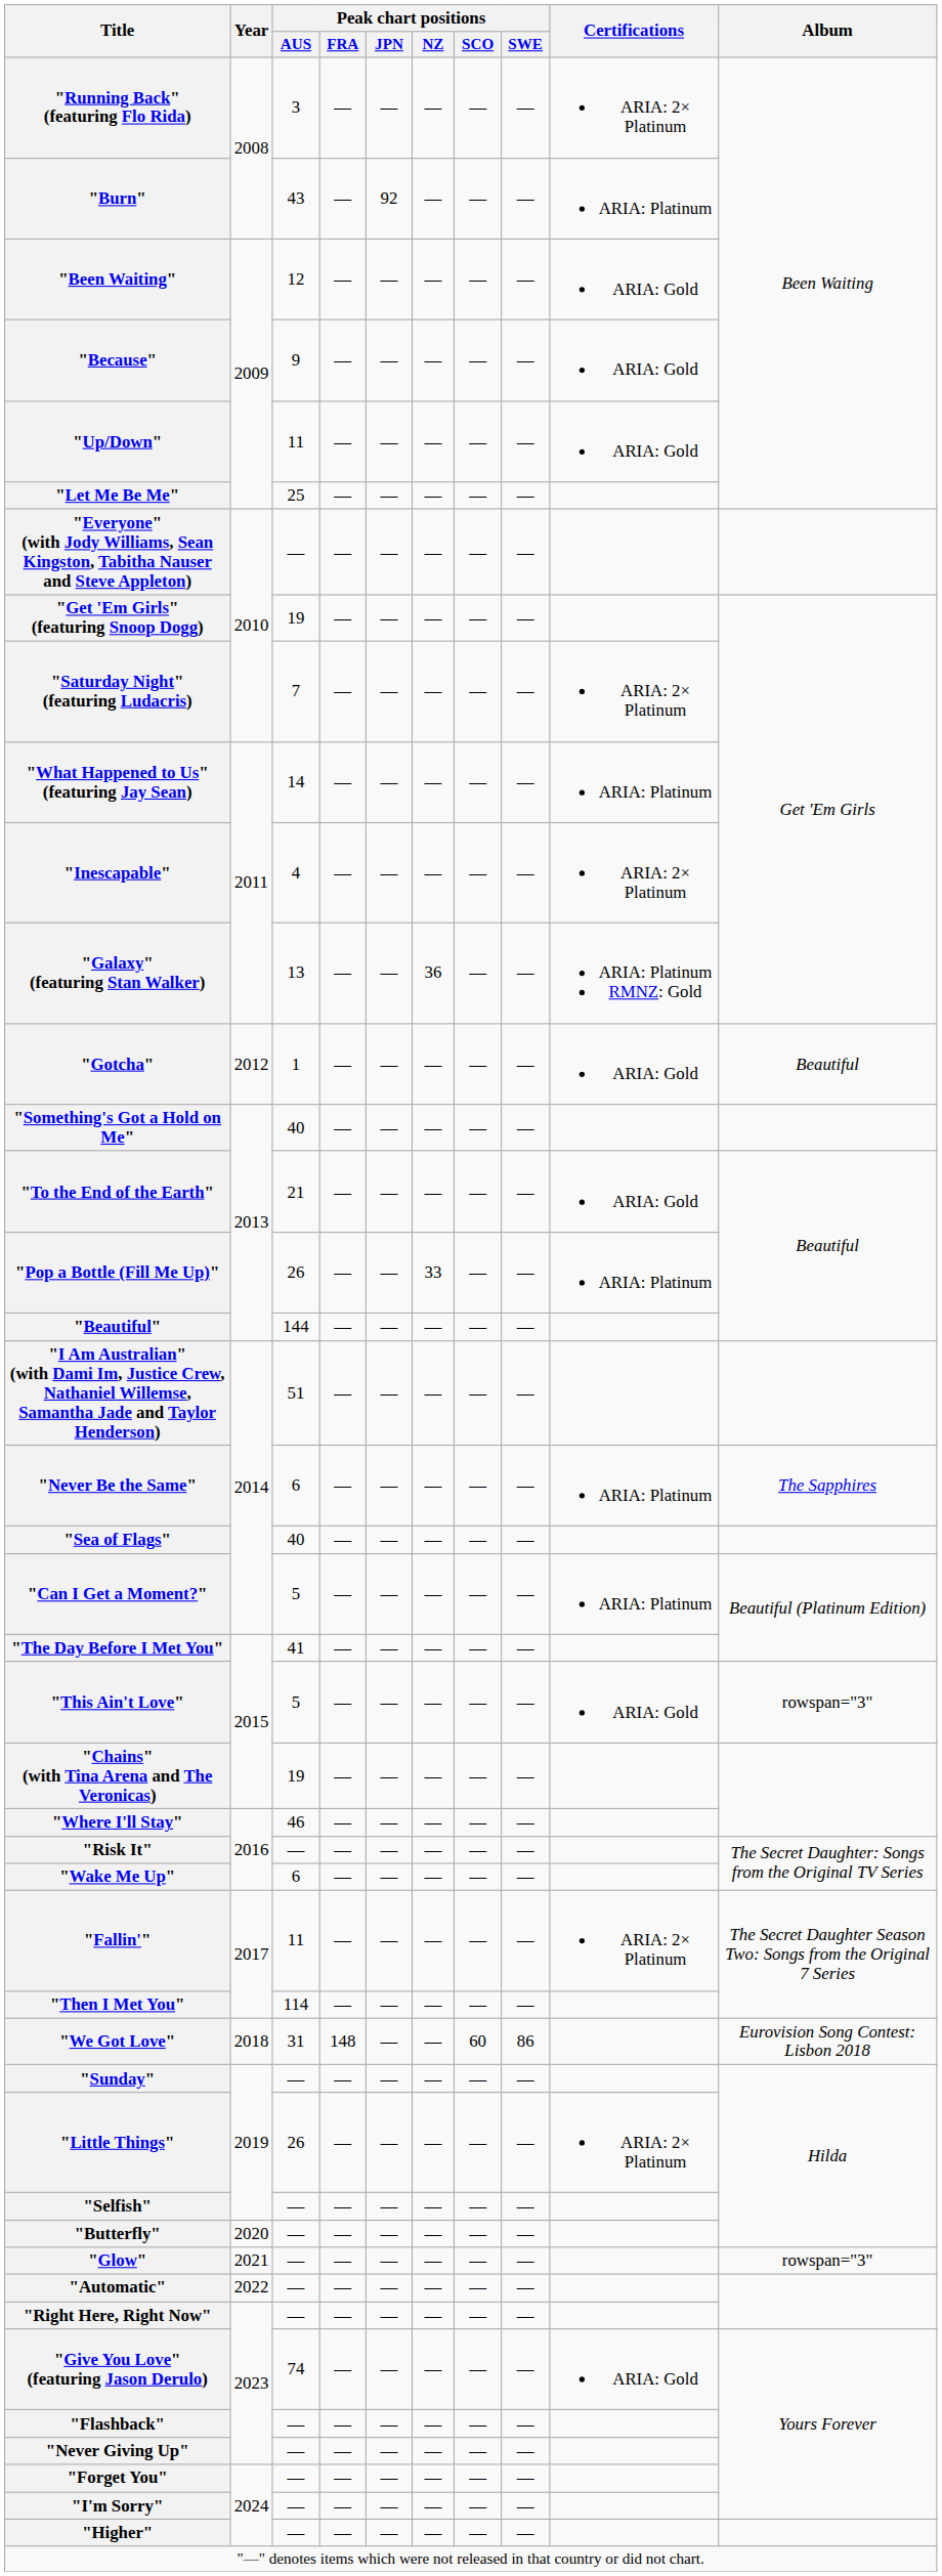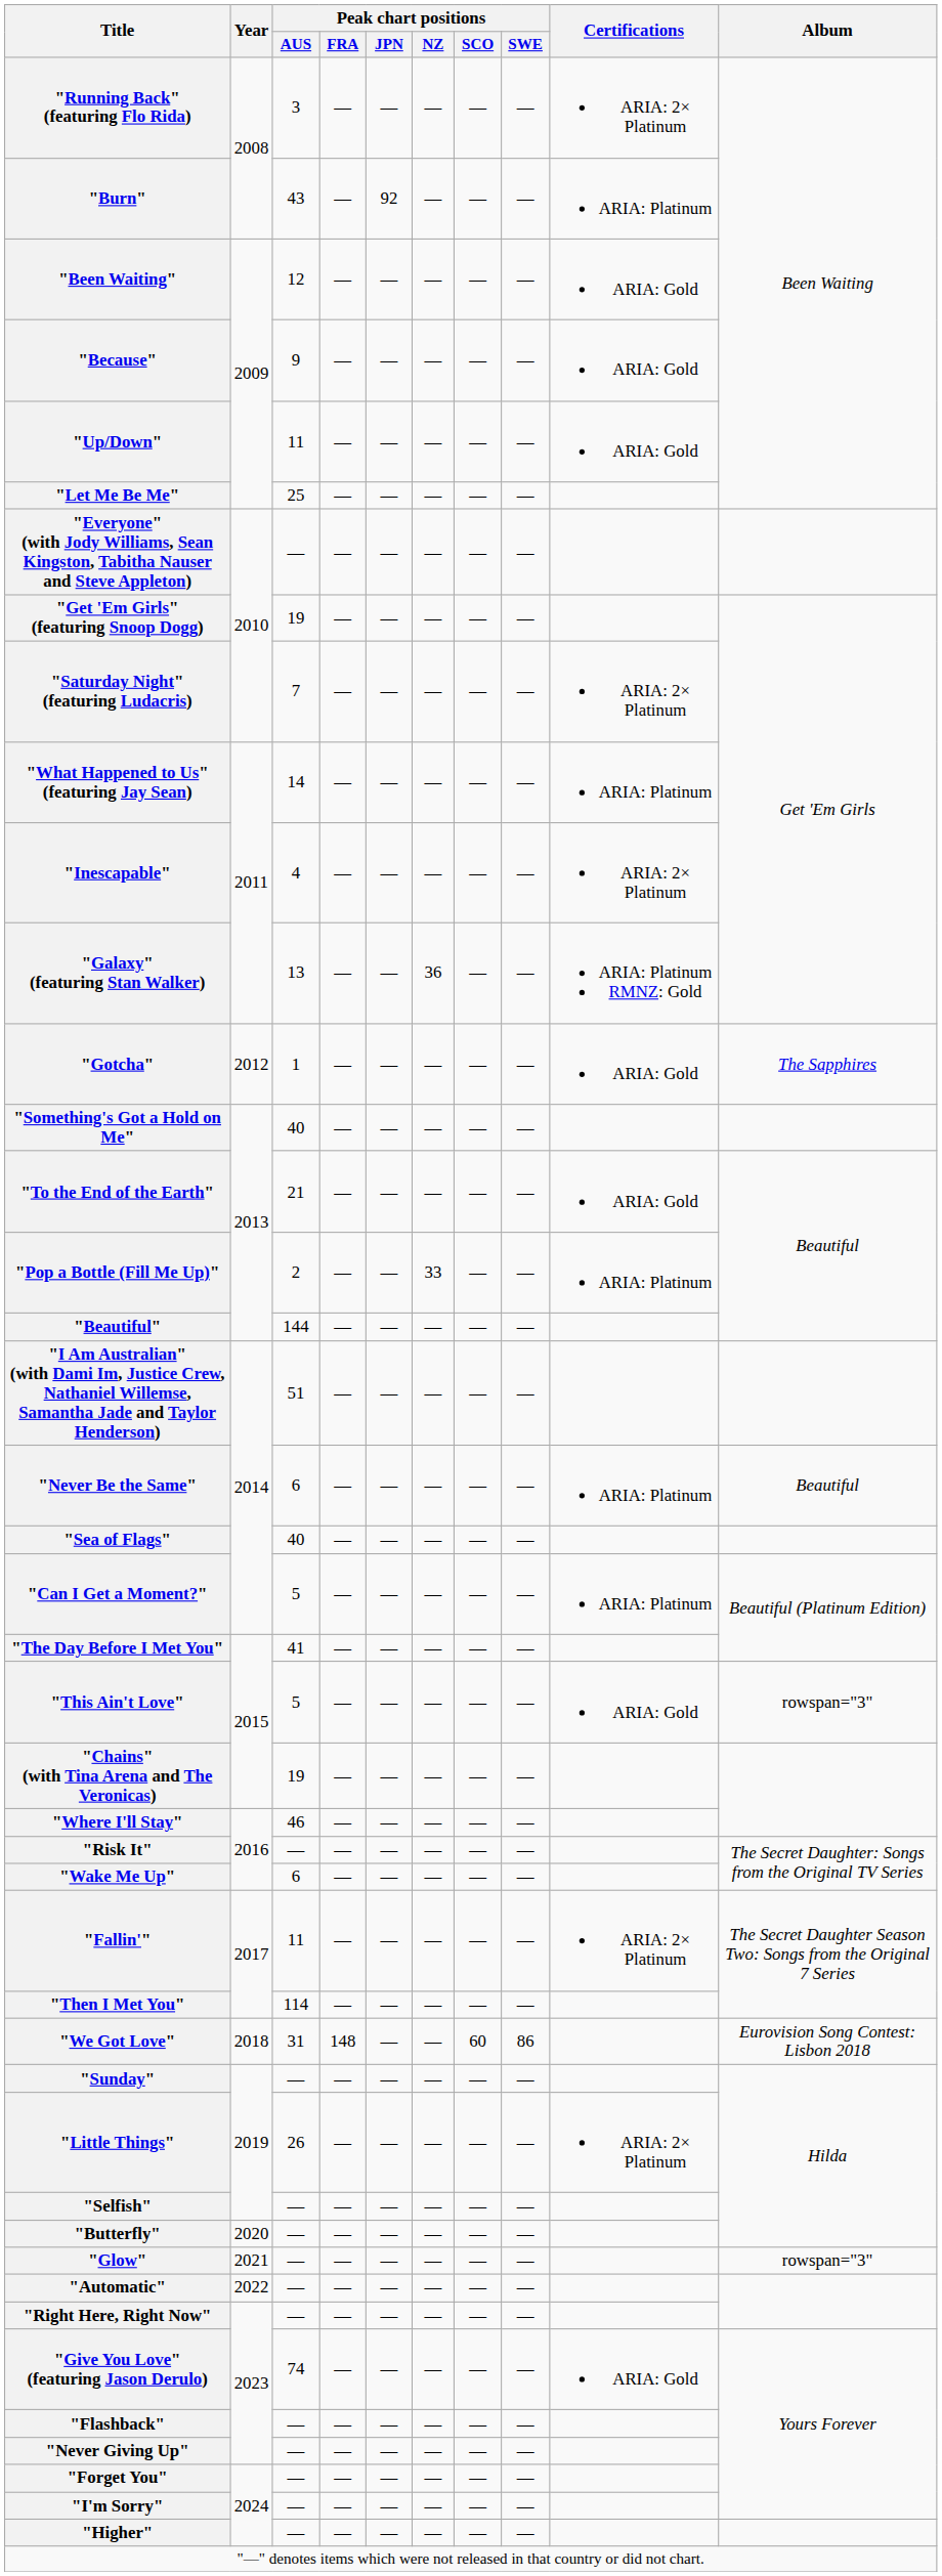 <table class="wikitable plainrowheaders" style="text-align:center;">
 <tr>
 <th scope="col" rowspan="2" style="width:18em;">Title</th>
 <th scope="col" rowspan="2" style="width:1em;">Year</th>
 <th scope="col" colspan="6">Peak chart positions</th>
 <th scope="col" rowspan="2" style="width:12em;"><a href='#'>Certifications</a></th>
 <th scope="col" rowspan="2" style="width:18em;">Album</th>
 </tr>
 <tr>
 <th scope="col" style="width:3em;font-size:90%;"><a href='#'>AUS</a><br></th>
 <th scope="col" style="width:3em;font-size:90%;"><a href='#'>FRA</a><br></th>
 <th scope="col" style="width:3em;font-size:90%;"><a href='#'>JPN</a><br></th>
 <th scope="col" style="width:3em;font-size:90%;"><a href='#'>NZ</a><br></th>
 <th scope="col" style="width:3em;font-size:90%;"><a href='#'>SCO</a><br></th>
 <th scope="col" style="width:3em;font-size:90%;"><a href='#'>SWE</a><br></th>
 </tr>
 <tr>
 <th scope="row">"<a href='#'>Running Back</a>"<br><span>(featuring <a href='#'>Flo Rida</a>)</span></th>
 <td rowspan="2">2008</td>
 <td>3</td>
 <td>—</td>
 <td>—</td>
 <td>—</td>
 <td>—</td>
 <td>—</td>
 <td><br><ul><li>ARIA: 2× Platinum</li></ul></td>
 <td rowspan="6"><em>Been Waiting</em></td>
 </tr>
 <tr>
 <th scope="row">"<a href='#'>Burn</a>"</th>
 <td>43</td>
 <td>—</td>
 <td>92</td>
 <td>—</td>
 <td>—</td>
 <td>—</td>
 <td><br><ul><li>ARIA: Platinum</li></ul></td>
 </tr>
 <tr>
 <th scope="row">"<a href='#'>Been Waiting</a>"</th>
 <td rowspan="4">2009</td>
 <td>12</td>
 <td>—</td>
 <td>—</td>
 <td>—</td>
 <td>—</td>
 <td>—</td>
 <td><br><ul><li>ARIA: Gold</li></ul></td>
 </tr>
 <tr>
 <th scope="row">"<a href='#'>Because</a>"</th>
 <td>9</td>
 <td>—</td>
 <td>—</td>
 <td>—</td>
 <td>—</td>
 <td>—</td>
 <td><br><ul><li>ARIA: Gold</li></ul></td>
 </tr>
 <tr>
 <th scope="row">"<a href='#'>Up/Down</a>"</th>
 <td>11</td>
 <td>—</td>
 <td>—</td>
 <td>—</td>
 <td>—</td>
 <td>—</td>
 <td><br><ul><li>ARIA: Gold</li></ul></td>
 </tr>
 <tr>
 <th scope="row">"<a href='#'>Let Me Be Me</a>"</th>
 <td>25</td>
 <td>—</td>
 <td>—</td>
 <td>—</td>
 <td>—</td>
 <td>—</td>
 <td></td>
 </tr>
 <tr>
 <th scope="row">"<a href='#'>Everyone</a>"<br><span>(with <a href='#'>Jody Williams</a>, <a href='#'>Sean Kingston</a>, <a href='#'>Tabitha Nauser</a> and <a href='#'>Steve Appleton</a>)</span></th>
 <td rowspan="3">2010</td>
 <td>—</td>
 <td>—</td>
 <td>—</td>
 <td>—</td>
 <td>—</td>
 <td>—</td>
 <td></td>
 <td></td>
 </tr>
 <tr>
 <th scope="row">"<a href='#'>Get 'Em Girls</a>"<br><span>(featuring <a href='#'>Snoop Dogg</a>)</span></th>
 <td>19</td>
 <td>—</td>
 <td>—</td>
 <td>—</td>
 <td>—</td>
 <td>—</td>
 <td></td>
 <td rowspan="5"><em>Get 'Em Girls</em></td>
 </tr>
 <tr>
 <th scope="row">"<a href='#'>Saturday Night</a>"<br><span>(featuring <a href='#'>Ludacris</a>)</span></th>
 <td>7</td>
 <td>—</td>
 <td>—</td>
 <td>—</td>
 <td>—</td>
 <td>—</td>
 <td><br><ul><li>ARIA: 2× Platinum</li></ul></td>
 </tr>
 <tr>
 <th scope="row">"<a href='#'>What Happened to Us</a>"<br><span>(featuring <a href='#'>Jay Sean</a>)</span></th>
 <td rowspan="3">2011</td>
 <td>14</td>
 <td>—</td>
 <td>—</td>
 <td>—</td>
 <td>—</td>
 <td>—</td>
 <td><br><ul><li>ARIA: Platinum</li></ul></td>
 </tr>
 <tr>
 <th scope="row">"<a href='#'>Inescapable</a>"</th>
 <td>4</td>
 <td>—</td>
 <td>—</td>
 <td>—</td>
 <td>—</td>
 <td>—</td>
 <td><br><ul><li>ARIA: 2× Platinum</li></ul></td>
 </tr>
 <tr>
 <th scope="row">"<a href='#'>Galaxy</a>"<br><span>(featuring <a href='#'>Stan Walker</a>)</span></th>
 <td>13</td>
 <td>—</td>
 <td>—</td>
 <td>36</td>
 <td>—</td>
 <td>—</td>
 <td><br><ul><li>ARIA: Platinum</li><li><a href='#'>RMNZ</a>: Gold</li></ul></td>
 </tr>
 <tr>
 <th scope="row">"<a href='#'>Gotcha</a>"</th>
 <td>2012</td>
 <td>1</td>
 <td>—</td>
 <td>—</td>
 <td>—</td>
 <td>—</td>
 <td>—</td>
 <td><br><ul><li>ARIA: Gold</li></ul></td>
-<td><em>Beautiful</em></td>
+<td><em><a href='#'>The Sapphires</a></em></td>
 </tr>
 <tr>
 <th scope="row">"<a href='#'>Something's Got a Hold on Me</a>"</th>
 <td rowspan="4">2013</td>
 <td>40</td>
 <td>—</td>
 <td>—</td>
 <td>—</td>
 <td>—</td>
 <td>—</td>
 <td></td>
 <td></td>
 </tr>
 <tr>
 <th scope="row">"<a href='#'>To the End of the Earth</a>"</th>
 <td>21</td>
 <td>—</td>
 <td>—</td>
 <td>—</td>
 <td>—</td>
 <td>—</td>
 <td><br><ul><li>ARIA: Gold</li></ul></td>
 <td rowspan="3"><em>Beautiful</em></td>
 </tr>
 <tr>
 <th scope="row">"<a href='#'>Pop a Bottle (Fill Me Up)</a>"</th>
-<td>26</td>
+<td>2</td>
 <td>—</td>
 <td>—</td>
 <td>33</td>
 <td>—</td>
 <td>—</td>
 <td><br><ul><li>ARIA: Platinum</li></ul></td>
 </tr>
 <tr>
 <th scope="row">"<a href='#'>Beautiful</a>"</th>
 <td>144</td>
 <td>—</td>
 <td>—</td>
 <td>—</td>
 <td>—</td>
 <td>—</td>
 <td></td>
 </tr>
 <tr>
 <th scope="row">"<a href='#'>I Am Australian</a>"<br><span>(with <a href='#'>Dami Im</a>, <a href='#'>Justice Crew</a>, <a href='#'>Nathaniel Willemse</a>, <a href='#'>Samantha Jade</a> and <a href='#'>Taylor Henderson</a>)</span></th>
 <td rowspan="4">2014</td>
 <td>51</td>
 <td>—</td>
 <td>—</td>
 <td>—</td>
 <td>—</td>
 <td>—</td>
 <td></td>
 <td></td>
 </tr>
 <tr>
 <th scope="row">"<a href='#'>Never Be the Same</a>"</th>
 <td>6</td>
 <td>—</td>
 <td>—</td>
 <td>—</td>
 <td>—</td>
 <td>—</td>
 <td><br><ul><li>ARIA: Platinum</li></ul></td>
-<td><em><a href='#'>The Sapphires</a></em></td>
+<td><em>Beautiful</em></td>
 </tr>
 <tr>
 <th scope="row">"<a href='#'>Sea of Flags</a>"</th>
 <td>40</td>
 <td>—</td>
 <td>—</td>
 <td>—</td>
 <td>—</td>
 <td>—</td>
 <td></td>
 <td></td>
 </tr>
 <tr>
 <th scope="row">"<a href='#'>Can I Get a Moment?</a>"</th>
 <td>5</td>
 <td>—</td>
 <td>—</td>
 <td>—</td>
 <td>—</td>
 <td>—</td>
 <td><br><ul><li>ARIA: Platinum</li></ul></td>
 <td rowspan="2"><em>Beautiful (Platinum Edition)</em></td>
 </tr>
 <tr>
 <th scope="row">"<a href='#'>The Day Before I Met You</a>"</th>
 <td rowspan="3">2015</td>
 <td>41</td>
 <td>—</td>
 <td>—</td>
 <td>—</td>
 <td>—</td>
 <td>—</td>
 <td></td>
 </tr>
 <tr>
 <th scope="row">"<a href='#'>This Ain't Love</a>"</th>
 <td>5</td>
 <td>—</td>
 <td>—</td>
 <td>—</td>
 <td>—</td>
 <td>—</td>
 <td><br><ul><li>ARIA: Gold</li></ul></td>
 <td>rowspan="3" </td>
 </tr>
 <tr>
 <th scope="row">"<a href='#'>Chains</a>"<br><span>(with <a href='#'>Tina Arena</a> and <a href='#'>The Veronicas</a>)</span></th>
 <td>19</td>
 <td>—</td>
 <td>—</td>
 <td>—</td>
 <td>—</td>
 <td>—</td>
 <td></td>
 </tr>
 <tr>
 <th scope="row">"<a href='#'>Where I'll Stay</a>"</th>
 <td rowspan="3">2016</td>
 <td>46</td>
 <td>—</td>
 <td>—</td>
 <td>—</td>
 <td>—</td>
 <td>—</td>
 <td></td>
 </tr>
 <tr>
 <th scope="row">"Risk It"</th>
 <td>—</td>
 <td>—</td>
 <td>—</td>
 <td>—</td>
 <td>—</td>
 <td>—</td>
 <td></td>
 <td rowspan="2"><em>The Secret Daughter: Songs from the Original TV Series</em></td>
 </tr>
 <tr>
 <th scope="row">"<a href='#'>Wake Me Up</a>"</th>
 <td>6</td>
 <td>—</td>
 <td>—</td>
 <td>—</td>
 <td>—</td>
 <td>—</td>
 <td></td>
 </tr>
 <tr>
 <th scope="row">"<a href='#'>Fallin'</a>"</th>
 <td rowspan="2">2017</td>
 <td>11</td>
 <td>—</td>
 <td>—</td>
 <td>—</td>
 <td>—</td>
 <td>—</td>
 <td><br><ul><li>ARIA: 2× Platinum</li></ul></td>
 <td rowspan="2"><em>The Secret Daughter Season Two: Songs from the Original 7 Series</em></td>
 </tr>
 <tr>
 <th scope="row">"<a href='#'>Then I Met You</a>"</th>
 <td>114</td>
 <td>—</td>
 <td>—</td>
 <td>—</td>
 <td>—</td>
 <td>—</td>
 <td></td>
 </tr>
 <tr>
 <th scope="row">"<a href='#'>We Got Love</a>"</th>
 <td>2018</td>
 <td>31</td>
 <td>148</td>
 <td>—</td>
 <td>—</td>
 <td>60</td>
 <td>86</td>
 <td></td>
 <td><em>Eurovision Song Contest: Lisbon 2018</em></td>
 </tr>
 <tr>
 <th scope="row">"<a href='#'>Sunday</a>"</th>
 <td rowspan="3">2019</td>
 <td>—</td>
 <td>—</td>
 <td>—</td>
 <td>—</td>
 <td>—</td>
 <td>—</td>
 <td></td>
 <td rowspan="4"><em>Hilda</em></td>
 </tr>
 <tr>
 <th scope="row">"<a href='#'>Little Things</a>"</th>
 <td>26</td>
 <td>—</td>
 <td>—</td>
 <td>—</td>
 <td>—</td>
 <td>—</td>
 <td><br><ul><li>ARIA: 2× Platinum</li></ul></td>
 </tr>
 <tr>
 <th scope="row">"Selfish"</th>
 <td>—</td>
 <td>—</td>
 <td>—</td>
 <td>—</td>
 <td>—</td>
 <td>—</td>
 <td></td>
 </tr>
 <tr>
 <th scope="row">"Butterfly"</th>
 <td>2020</td>
 <td>—</td>
 <td>—</td>
 <td>—</td>
 <td>—</td>
 <td>—</td>
 <td>—</td>
 <td></td>
 </tr>
 <tr>
 <th scope="row">"<a href='#'>Glow</a>"</th>
 <td>2021</td>
 <td>—</td>
 <td>—</td>
 <td>—</td>
 <td>—</td>
 <td>—</td>
 <td>—</td>
 <td></td>
 <td>rowspan="3" </td>
 </tr>
 <tr>
 <th scope="row">"Automatic"</th>
 <td>2022</td>
 <td>—</td>
 <td>—</td>
 <td>—</td>
 <td>—</td>
 <td>—</td>
 <td>—</td>
 <td></td>
 </tr>
 <tr>
 <th scope="row">"Right Here, Right Now"</th>
 <td rowspan="4">2023</td>
 <td>—</td>
 <td>—</td>
 <td>—</td>
 <td>—</td>
 <td>—</td>
 <td>—</td>
 <td></td>
 </tr>
 <tr>
 <th scope="row">"<a href='#'>Give You Love</a>"<br><span>(featuring <a href='#'>Jason Derulo</a>)</span></th>
 <td>74</td>
 <td>—</td>
 <td>—</td>
 <td>—</td>
 <td>—</td>
 <td>—</td>
 <td><br><ul><li>ARIA: Gold</li></ul></td>
 <td rowspan="5"><em>Yours Forever</em></td>
 </tr>
 <tr>
 <th scope="row">"Flashback"</th>
 <td>—</td>
 <td>—</td>
 <td>—</td>
 <td>—</td>
 <td>—</td>
 <td>—</td>
 <td></td>
 </tr>
 <tr>
 <th scope="row">"Never Giving Up"</th>
 <td>—</td>
 <td>—</td>
 <td>—</td>
 <td>—</td>
 <td>—</td>
 <td>—</td>
 <td></td>
 </tr>
 <tr>
 <th scope="row">"Forget You"</th>
 <td rowspan="3">2024</td>
 <td>—</td>
 <td>—</td>
 <td>—</td>
 <td>—</td>
 <td>—</td>
 <td>—</td>
 <td></td>
 </tr>
 <tr>
 <th scope="row">"I'm Sorry"</th>
 <td>—</td>
 <td>—</td>
 <td>—</td>
 <td>—</td>
 <td>—</td>
 <td>—</td>
 <td></td>
 </tr>
 <tr>
 <th scope="row">"Higher"</th>
 <td>—</td>
 <td>—</td>
 <td>—</td>
 <td>—</td>
 <td>—</td>
 <td>—</td>
 <td></td>
 <td></td>
 </tr>
 <tr>
 <td colspan="14" style="font-size:90%">"—" denotes items which were not released in that country or did not chart.</td>
 </tr>
 </table>
